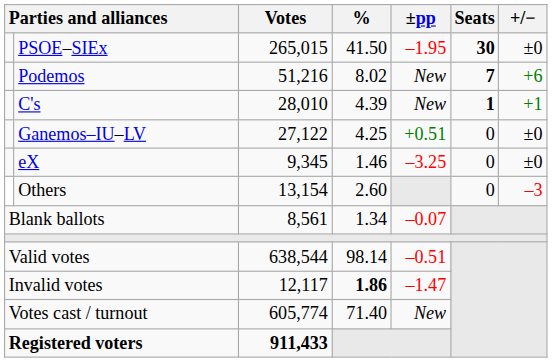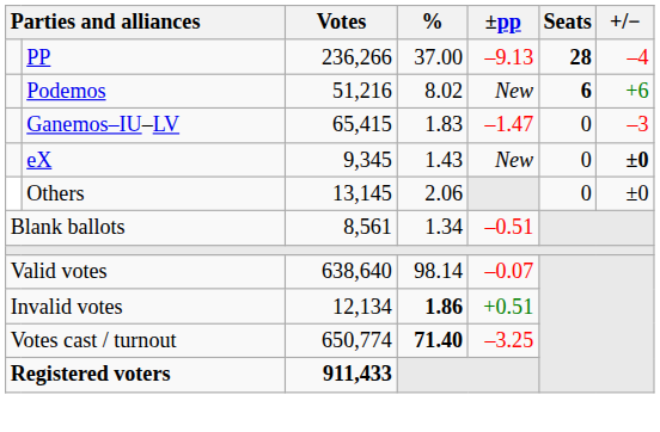 <table class="wikitable" style="text-align:right;">
 <tr>
 <th style="text-align:left;" colspan="2" width="200">Parties and alliances</th>
 <th width="75">Votes</th>
 <th width="45">%</th>
 <th width="45">±<a href='#'>pp</a></th>
 <th width="35">Seats</th>
 <th width="35">+/−</th>
 </tr>
 <tr>
-<td width="1" style="color:inherit;background:"></td>
-<td align="left"><a href='#'>PSOE</a>–<a href='#'>SIEx</a></td>
-<td>265,015</td>
-<td>41.50</td>
-<td style="color:red;">–1.95</td>
-<td><strong>30</strong></td>
-<td>±0</td>
+<td style="color:inherit;background:"></td>
+<td align="left"><a href='#'>PP</a></td>
+<td>236,266</td>
+<td>37.00</td>
+<td style="color:red;">–9.13</td>
+<td><strong>28</strong></td>
+<td style="color:red;">–4</td>
 </tr>
 <tr>
 <td style="color:inherit;background:"></td>
 <td align="left"><a href='#'>Podemos</a></td>
 <td>51,216</td>
 <td>8.02</td>
 <td><em>New</em></td>
-<td><strong>7</strong></td>
+<td><strong>6</strong></td>
 <td style="color:green;">+6</td>
 </tr>
 <tr>
 <td style="color:inherit;background:"></td>
-<td align="left"><a href='#'>C's</a></td>
-<td>28,010</td>
-<td>4.39</td>
-<td><em>New</em></td>
-<td><strong>1</strong></td>
-<td style="color:green;">+1</td>
-</tr>
-<tr>
-<td style="color:inherit;background:"></td>
 <td align="left"><a href='#'>Ganemos–IU</a>–<a href='#'>LV</a></td>
-<td>27,122</td>
-<td>4.25</td>
-<td style="color:green;">+0.51</td>
+<td>65,415</td>
+<td>1.83</td>
+<td style="color:red;">–1.47</td>
 <td>0</td>
-<td>±0</td>
+<td style="color:red;">–3</td>
 </tr>
 <tr>
 <td style="color:inherit;background:"></td>
 <td align="left"><a href='#'>eX</a></td>
 <td>9,345</td>
-<td>1.46</td>
-<td style="color:red;">–3.25</td>
+<td>1.43</td>
+<td><em>New</em></td>
 <td>0</td>
-<td>±0</td>
+<td><strong>±0</strong></td>
 </tr>
 <tr>
 <td bgcolor="white"></td>
 <td align="left">Others</td>
-<td>13,154</td>
-<td>2.60</td>
+<td>13,145</td>
+<td>2.06</td>
 <td bgcolor="#E9E9E9"></td>
 <td>0</td>
-<td style="color:red;">–3</td>
+<td>±0</td>
 </tr>
 <tr>
 <td align="left" colspan="2">Blank ballots</td>
 <td>8,561</td>
 <td>1.34</td>
-<td style="color:red;">–0.07</td>
+<td style="color:red;">–0.51</td>
 <td bgcolor="#E9E9E9" colspan="2"></td>
 </tr>
 <tr>
 <td colspan="7" bgcolor="#E9E9E9"></td>
 </tr>
 <tr>
 <td align="left" colspan="2">Valid votes</td>
-<td>638,544</td>
+<td>638,640</td>
 <td>98.14</td>
-<td style="color:red;">–0.51</td>
+<td style="color:red;">–0.07</td>
 <td bgcolor="#E9E9E9" colspan="2" rowspan="4"></td>
 </tr>
 <tr>
 <td align="left" colspan="2">Invalid votes</td>
-<td>12,117</td>
+<td>12,134</td>
 <td><strong>1.86</strong></td>
-<td style="color:red;">–1.47</td>
+<td style="color:green;">+0.51</td>
 </tr>
 <tr>
 <td align="left" colspan="2">Votes cast / turnout</td>
-<td>605,774</td>
-<td>71.40</td>
-<td><em>New</em></td>
+<td>650,774</td>
+<td><strong>71.40</strong></td>
+<td style="color:red;">–3.25</td>
 </tr>
 <tr style="font-weight:bold;">
 <td align="left" colspan="2">Registered voters</td>
 <td>911,433</td>
 <td bgcolor="#E9E9E9" colspan="2"></td>
 </tr>
 </table>
